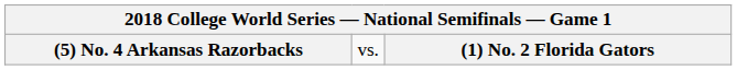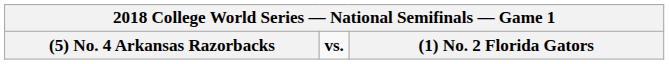 <table class="wikitable">
 <tr>
 <th style="width: 595px;" colspan=3>2018 College World Series — National Semifinals — Game 1</th>
 </tr>
 <tr>
 <th style="width: 287px; ">(5) No. 4 Arkansas Razorbacks</th>
-<td style="width: 20px; text-align:center">vs.</td>
+<td style="width: 20px; text-align:center"><strong>vs.</strong></td>
 <th style="width: 287px; ">(1) No. 2 Florida Gators</th>
 </tr>
 </table>
